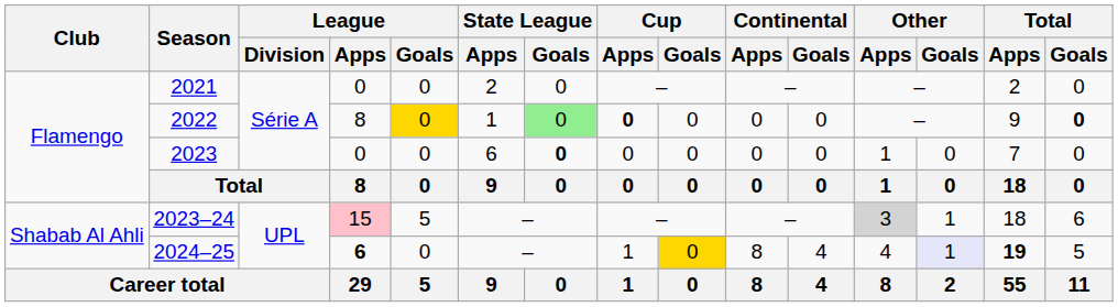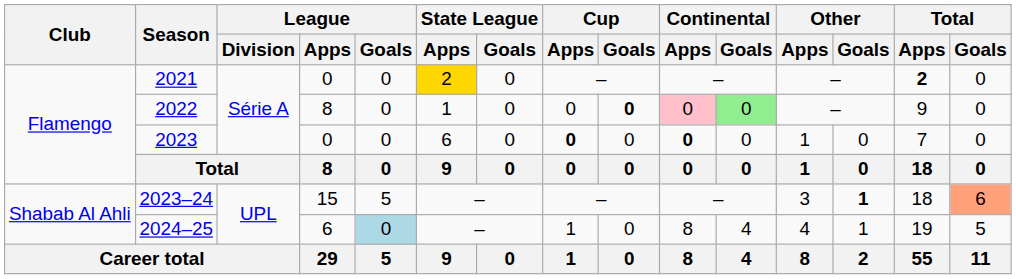 <table class="wikitable" style="text-align: center;">
 <tr>
 <th rowspan="2">Club</th>
 <th rowspan="2">Season</th>
 <th colspan="3">League</th>
 <th colspan="2">State League</th>
 <th colspan="2">Cup</th>
 <th colspan="2">Continental</th>
 <th colspan="2">Other</th>
 <th colspan="2">Total</th>
 </tr>
 <tr>
 <th>Division</th>
 <th>Apps</th>
 <th>Goals</th>
 <th>Apps</th>
 <th>Goals</th>
 <th>Apps</th>
 <th>Goals</th>
 <th>Apps</th>
 <th>Goals</th>
 <th>Apps</th>
 <th>Goals</th>
 <th>Apps</th>
 <th>Goals</th>
 </tr>
 <tr>
 <td rowspan="4"><a href='#'>Flamengo</a></td>
 <td><a href='#'>2021</a></td>
 <td rowspan="3"><a href='#'>Série A</a></td>
 <td>0</td>
 <td>0</td>
-<td>2</td>
+<td style="background: gold;">2</td>
 <td>0</td>
 <td colspan="2">–</td>
 <td colspan="2">–</td>
 <td colspan="2">–</td>
-<td>2</td>
+<td><strong>2</strong></td>
 <td>0</td>
 </tr>
 <tr>
 <td><a href='#'>2022</a></td>
 <td>8</td>
-<td style="background: gold;">0</td>
+<td>0</td>
 <td>1</td>
-<td style="background: lightgreen;">0</td>
-<td><strong>0</strong></td>
 <td>0</td>
 <td>0</td>
-<td>0</td>
+<td><strong>0</strong></td>
+<td style="background: pink;">0</td>
+<td style="background: lightgreen;">0</td>
 <td colspan="2">–</td>
 <td>9</td>
-<td><strong>0</strong></td>
+<td>0</td>
 </tr>
 <tr>
 <td><a href='#'>2023</a></td>
 <td>0</td>
 <td>0</td>
 <td>6</td>
+<td>0</td>
 <td><strong>0</strong></td>
 <td>0</td>
-<td>0</td>
-<td>0</td>
+<td><strong>0</strong></td>
 <td>0</td>
 <td>1</td>
 <td>0</td>
 <td>7</td>
 <td>0</td>
 </tr>
 <tr>
 <th colspan="2"><strong>Total</strong></th>
 <th>8</th>
 <th>0</th>
 <th>9</th>
 <th>0</th>
 <th>0</th>
 <th>0</th>
 <th>0</th>
 <th>0</th>
 <th>1</th>
 <th>0</th>
 <th>18</th>
 <th>0</th>
 </tr>
 <tr>
 <td rowspan="2"><a href='#'>Shabab Al Ahli</a></td>
 <td><a href='#'>2023–24</a></td>
 <td rowspan="2"><a href='#'>UPL</a></td>
-<td style="background: pink;">15</td>
+<td>15</td>
 <td>5</td>
 <td colspan="2">–</td>
 <td colspan="2">–</td>
 <td colspan="2">–</td>
-<td style="background: lightgrey;">3</td>
-<td>1</td>
+<td>3</td>
+<td><strong>1</strong></td>
 <td>18</td>
-<td>6</td>
+<td style="background: lightsalmon;">6</td>
 </tr>
 <tr>
 <td><a href='#'>2024–25</a></td>
-<td><strong>6</strong></td>
-<td>0</td>
+<td>6</td>
+<td style="background: lightblue;">0</td>
 <td colspan="2">–</td>
 <td>1</td>
-<td style="background: gold;">0</td>
+<td>0</td>
 <td>8</td>
 <td>4</td>
 <td>4</td>
-<td style="background: lavender;">1</td>
-<td><strong>19</strong></td>
+<td>1</td>
+<td>19</td>
 <td>5</td>
 </tr>
 <tr>
 <th colspan="3"><strong>Career total</strong></th>
 <th>29</th>
 <th>5</th>
 <th>9</th>
 <th>0</th>
 <th>1</th>
 <th>0</th>
 <th>8</th>
 <th>4</th>
 <th>8</th>
 <th>2</th>
 <th>55</th>
 <th>11</th>
 </tr>
 </table>
